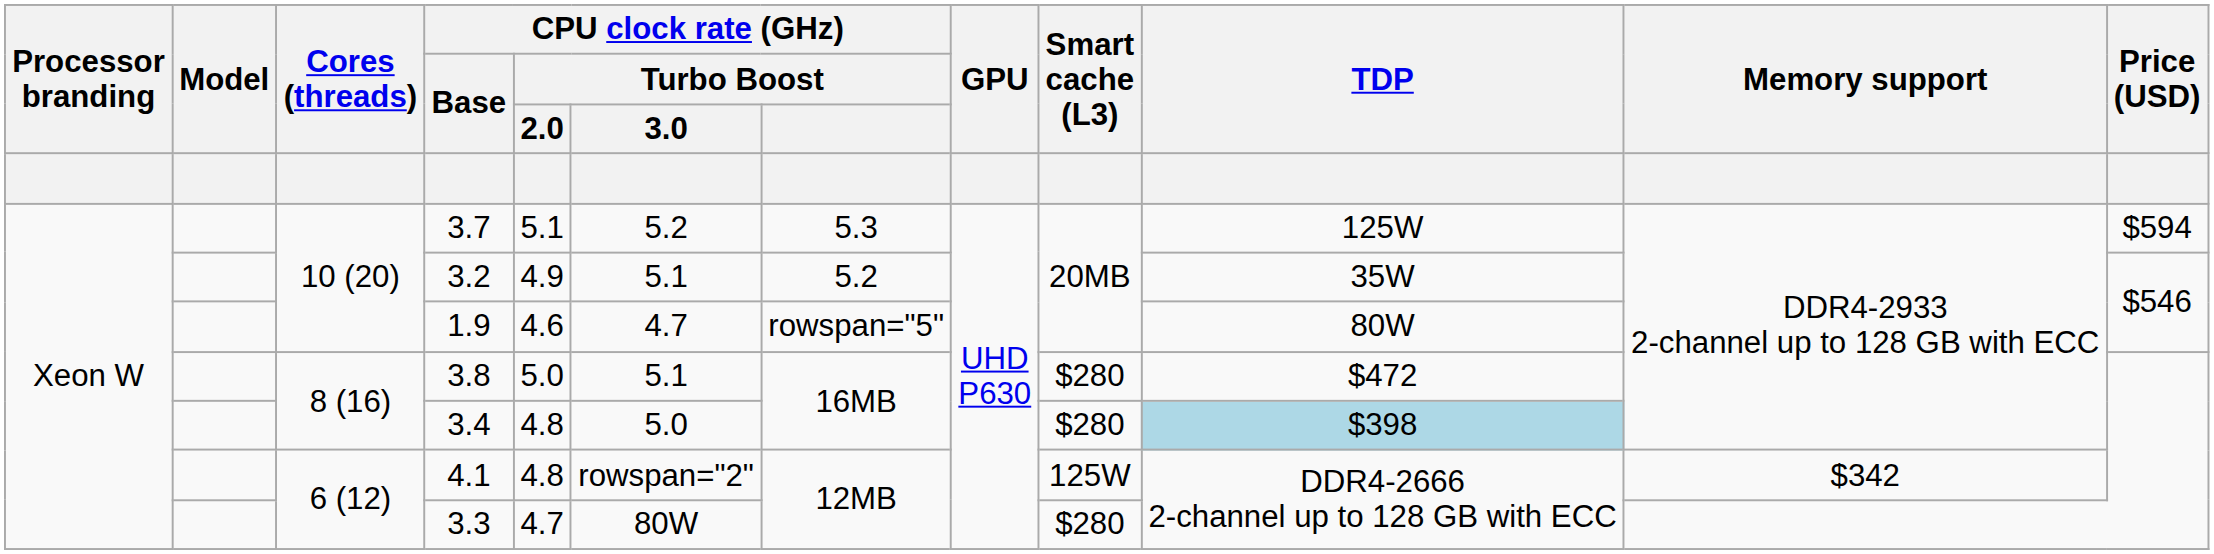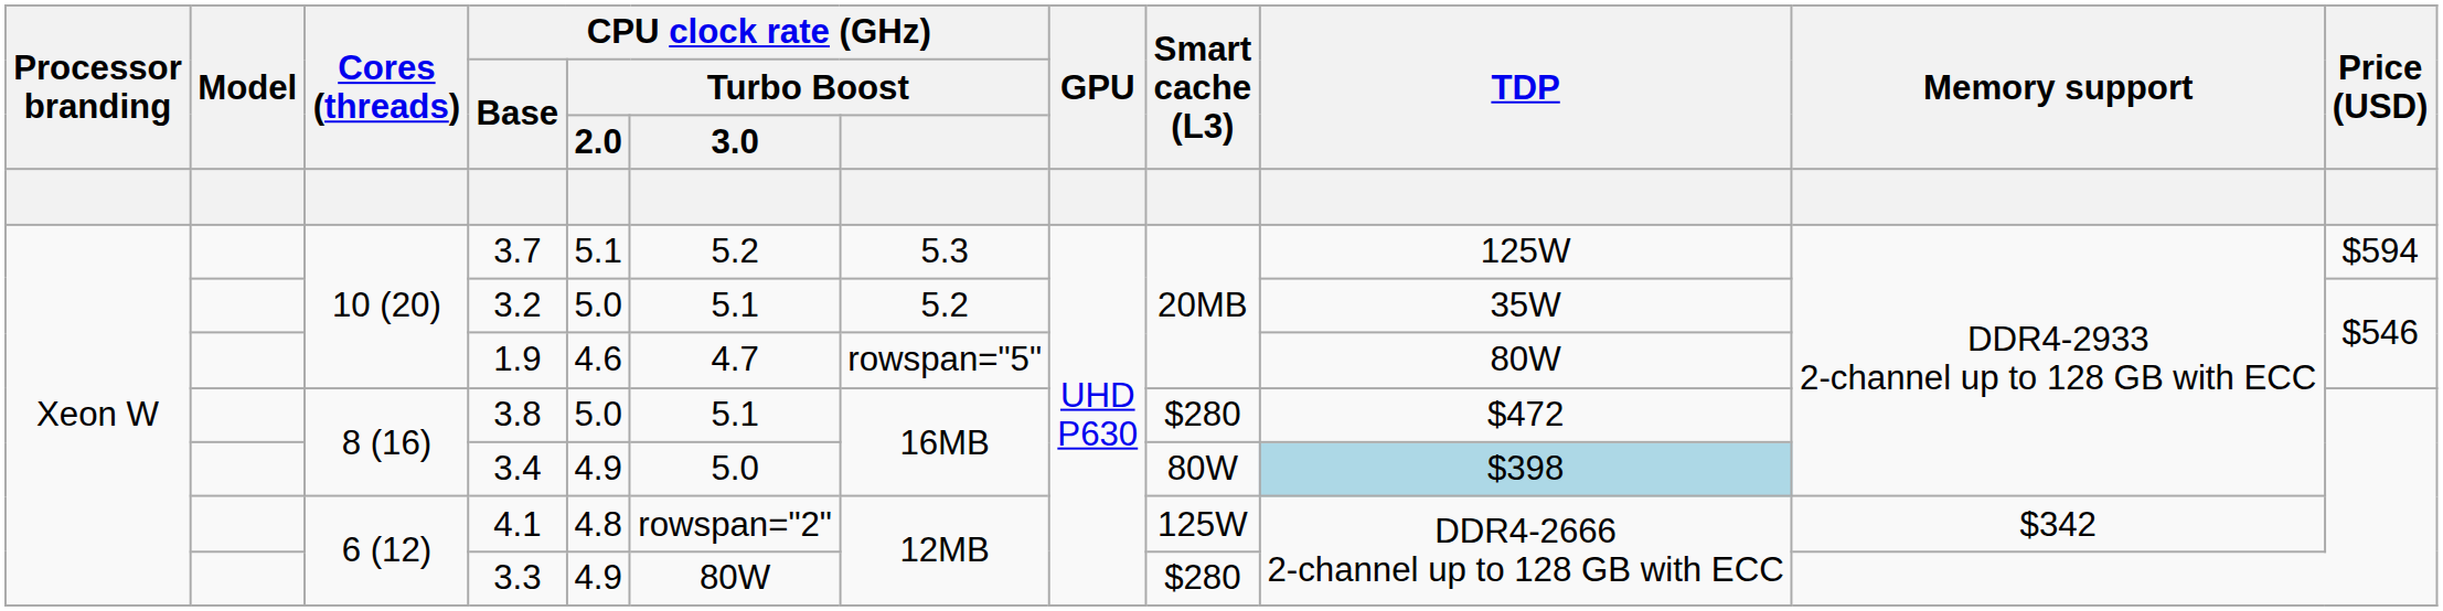 <table class="wikitable sortable hover-highlight" style="text-align: center;">
 <tr>
 <th rowspan="3">Processor<br>branding</th>
 <th rowspan="3">Model</th>
 <th rowspan="3"><a href='#'>Cores</a> <br> (<a href='#'>threads</a>)</th>
 <th colspan="4">CPU <a href='#'>clock rate</a> (GHz)</th>
 <th rowspan="3">GPU</th>
 <th rowspan="3">Smart <br> cache <br> (L3)</th>
 <th rowspan="3"><a href='#'>TDP</a></th>
 <th rowspan="3">Memory support</th>
 <th rowspan="3">Price <br> (USD)</th>
 </tr>
 <tr>
 <th rowspan="2">Base</th>
 <th colspan="3">Turbo Boost</th>
 </tr>
 <tr>
 <th>2.0</th>
 <th>3.0</th>
 <th></th>
 </tr>
 <tr>
 <th style="background-position:center"><br></th>
 <th style="background-position:center"></th>
 <th style="background-position:center"></th>
 <th style="background-position:center"></th>
 <th style="background-position:center"></th>
 <th style="background-position:center"></th>
 <th style="background-position:center"></th>
 <th style="background-position:center"></th>
 <th style="background-position:center"></th>
 <th style="background-position:center"></th>
 <th style="background-position:center"></th>
 <th style="background-position:center"></th>
 </tr>
 <tr>
 <td rowspan="7">Xeon W</td>
 <td></td>
 <td rowspan="3">10 (20)</td>
 <td>3.7</td>
 <td>5.1</td>
 <td>5.2</td>
 <td>5.3</td>
 <td rowspan="7"><a href='#'>UHD</a><br><a href='#'>P630</a></td>
 <td rowspan="3">20MB</td>
 <td>125W</td>
 <td rowspan="5">DDR4-2933<br>2-channel up to 128 GB with ECC</td>
 <td>$594</td>
 </tr>
 <tr>
 <td></td>
 <td>3.2</td>
-<td>4.9</td>
+<td>5.0</td>
 <td>5.1</td>
 <td>5.2</td>
 <td>35W</td>
 <td rowspan="2">$546</td>
 </tr>
 <tr>
 <td></td>
 <td>1.9</td>
 <td>4.6</td>
 <td>4.7</td>
 <td>rowspan="5" </td>
 <td>80W</td>
 </tr>
 <tr>
 <td></td>
 <td rowspan="2">8 (16)</td>
 <td>3.8</td>
 <td>5.0</td>
 <td>5.1</td>
 <td rowspan="2">16MB</td>
 <td>$280</td>
 <td>$472</td>
 </tr>
 <tr>
 <td></td>
 <td>3.4</td>
-<td>4.8</td>
+<td>4.9</td>
 <td>5.0</td>
-<td>$280</td>
+<td>80W</td>
 <td style="background: lightblue;">$398</td>
 </tr>
 <tr>
 <td></td>
 <td rowspan="2">6 (12)</td>
 <td>4.1</td>
 <td>4.8</td>
 <td>rowspan="2" </td>
 <td rowspan="2">12MB</td>
 <td>125W</td>
 <td rowspan="2">DDR4-2666<br>2-channel up to 128 GB with ECC</td>
 <td>$342</td>
 </tr>
 <tr>
 <td></td>
 <td>3.3</td>
-<td>4.7</td>
+<td>4.9</td>
 <td>80W</td>
 <td>$280</td>
 </tr>
 </table>
